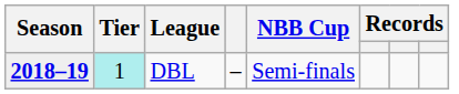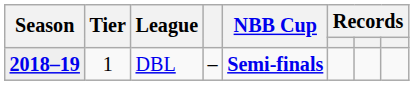 <table class="wikitable" style="font-size:85%">
 <tr bgcolor=>
 <th rowspan=2>Season</th>
 <th rowspan=2>Tier</th>
 <th rowspan=2>League</th>
 <th rowspan=2></th>
 <th rowspan=2><a href='#'>NBB Cup</a></th>
 <th colspan=3>Records</th>
 </tr>
 <tr>
 <th></th>
 <th></th>
 <th></th>
 </tr>
 <tr>
 <td style="background:#efefef;"><strong><a href='#'>2018–19</a></strong></td>
-<td align="center" style="background: paleturquoise;">1</td>
+<td align="center">1</td>
 <td><a href='#'>DBL</a></td>
 <td {{center>–</td>
-<td style="background: "><a href='#'>Semi-finals</a></td>
+<td style="background: "><strong><a href='#'>Semi-finals</a></strong></td>
 <td></td>
 <td></td>
 <td></td>
 </tr>
 </table>
